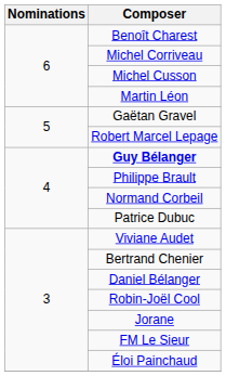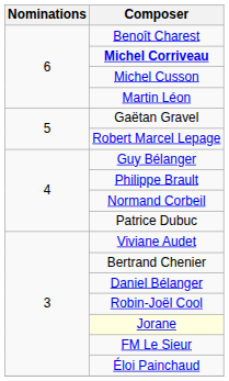 <table class="wikitable" style="text-align:center;">
 <tr>
 <th scope="col" width="10">Nominations</th>
 <th scope="col" align="center">Composer</th>
 </tr>
 <tr>
 <td rowspan="4" style="text-align:center;">6</td>
 <td><a href='#'>Benoît Charest</a></td>
 </tr>
 <tr>
-<td><a href='#'>Michel Corriveau</a></td>
+<td><strong><a href='#'>Michel Corriveau</a></strong></td>
 </tr>
 <tr>
 <td><a href='#'>Michel Cusson</a></td>
 </tr>
 <tr>
 <td><a href='#'>Martin Léon</a></td>
 </tr>
 <tr>
 <td rowspan="2" style="text-align:center;">5</td>
 <td>Gaëtan Gravel</td>
 </tr>
 <tr>
 <td><a href='#'>Robert Marcel Lepage</a></td>
 </tr>
 <tr>
 <td rowspan="4" style="text-align:center;">4</td>
-<td><strong><a href='#'>Guy Bélanger</a></strong></td>
+<td><a href='#'>Guy Bélanger</a></td>
 </tr>
 <tr>
 <td><a href='#'>Philippe Brault</a></td>
 </tr>
 <tr>
 <td><a href='#'>Normand Corbeil</a></td>
 </tr>
 <tr>
 <td>Patrice Dubuc</td>
 </tr>
 <tr>
 <td rowspan="7" style="text-align:center;">3</td>
 <td><a href='#'>Viviane Audet</a></td>
 </tr>
 <tr>
 <td>Bertrand Chenier</td>
 </tr>
 <tr>
 <td><a href='#'>Daniel Bélanger</a></td>
 </tr>
 <tr>
 <td><a href='#'>Robin-Joël Cool</a></td>
 </tr>
 <tr>
-<td><a href='#'>Jorane</a></td>
+<td style="background: lightyellow;"><a href='#'>Jorane</a></td>
 </tr>
 <tr>
 <td><a href='#'>FM Le Sieur</a></td>
 </tr>
 <tr>
 <td><a href='#'>Éloi Painchaud</a></td>
 </tr>
 <tr>
 </tr>
 </table>
